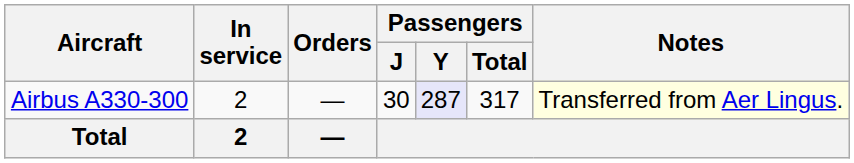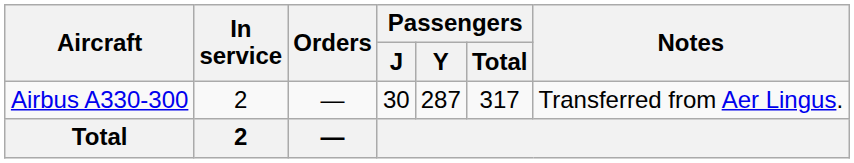 <table class="wikitable" style="margin:1em auto; border-collapse:collapse; text-align:center">
 <tr>
 <th rowspan="2">Aircraft</th>
 <th rowspan="2">In<br>service</th>
 <th rowspan="2">Orders</th>
 <th colspan="3">Passengers</th>
 <th rowspan="2">Notes</th>
 </tr>
 <tr>
 <th>J</th>
 <th><abbr>Y</abbr></th>
 <th>Total</th>
 </tr>
 <tr>
 <td><a href='#'>Airbus A330-300</a></td>
 <td>2</td>
 <td>—</td>
 <td>30</td>
-<td style="background: lavender;">287</td>
+<td>287</td>
 <td>317</td>
-<td style="background: lightyellow;">Transferred from <a href='#'>Aer Lingus</a>.</td>
+<td>Transferred from <a href='#'>Aer Lingus</a>.</td>
 </tr>
 <tr>
 <th>Total</th>
 <th>2</th>
 <th>—</th>
 <th colspan="4"></th>
 </tr>
 </table>
